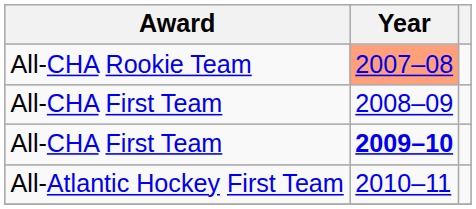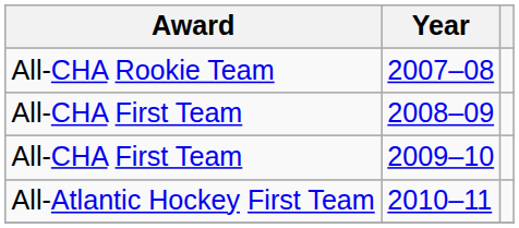 <table class="wikitable">
 <tr>
 <th>Award</th>
 <th>Year</th>
 <th></th>
 </tr>
 <tr>
 <td>All-<a href='#'>CHA</a> <a href='#'>Rookie Team</a></td>
-<td style="background: lightsalmon;"><a href='#'>2007–08</a></td>
+<td><a href='#'>2007–08</a></td>
 <td></td>
 </tr>
 <tr>
 <td>All-<a href='#'>CHA</a> <a href='#'>First Team</a></td>
 <td><a href='#'>2008–09</a></td>
 <td></td>
 </tr>
 <tr>
 <td>All-<a href='#'>CHA</a> <a href='#'>First Team</a></td>
-<td><strong><a href='#'>2009–10</a></strong></td>
+<td><a href='#'>2009–10</a></td>
 <td></td>
 </tr>
 <tr>
 <td>All-<a href='#'>Atlantic Hockey</a> <a href='#'>First Team</a></td>
 <td><a href='#'>2010–11</a></td>
 <td></td>
 </tr>
 <tr>
 </tr>
 </table>
